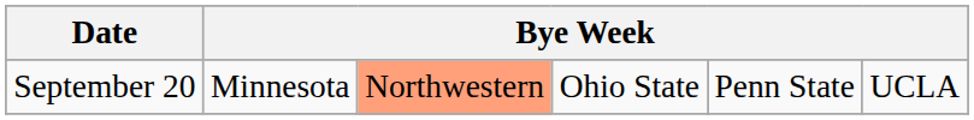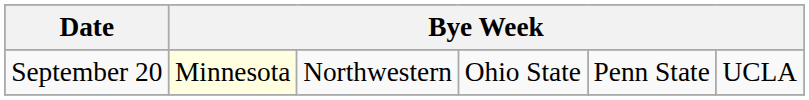 <table class="wikitable" style="font-size:95%;">
 <tr>
 <th>Date</th>
 <th colspan="5">Bye Week</th>
 </tr>
 <tr>
 <td>September 20</td>
-<td>Minnesota</td>
-<td style="background: lightsalmon;">Northwestern</td>
+<td style="background: lightyellow;">Minnesota</td>
+<td>Northwestern</td>
 <td>Ohio State</td>
 <td>Penn State</td>
 <td>UCLA</td>
 </tr>
 </table>
